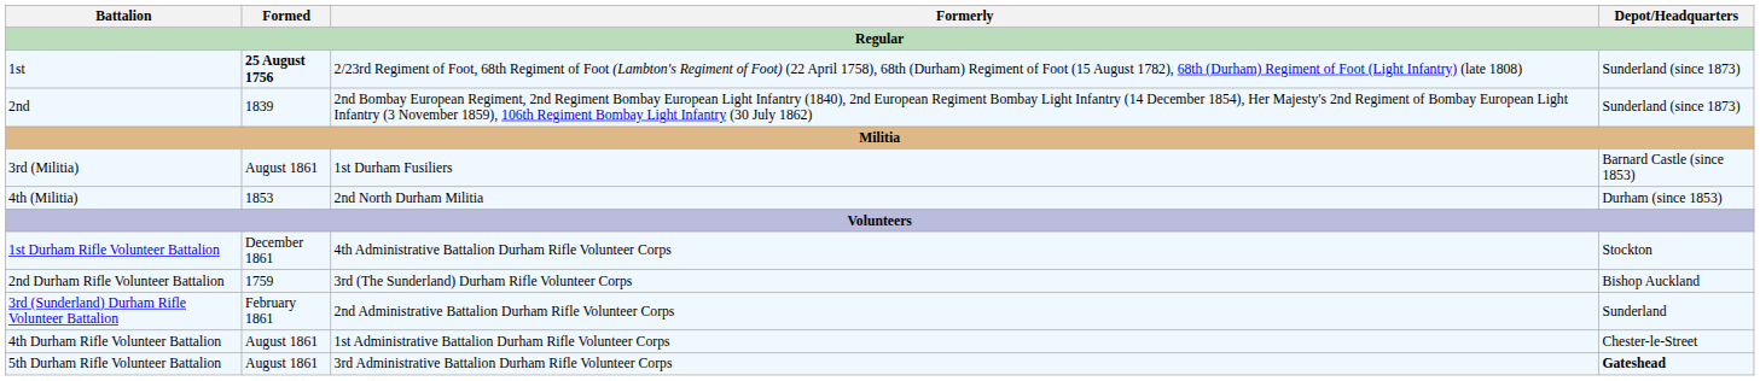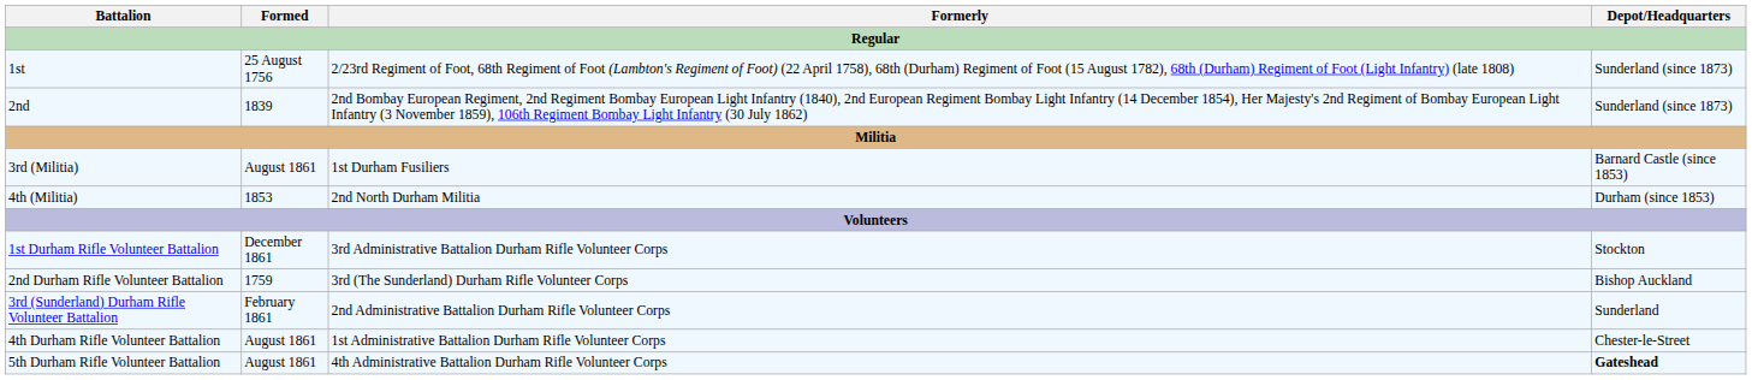 <table class="wikitable" style="width:100%;">
 <tr>
 <th>Battalion</th>
 <th>Formed</th>
 <th>Formerly</th>
 <th>Depot/Headquarters</th>
 </tr>
 <tr>
 <th colspan="5" style="background:#bdb;">Regular</th>
 </tr>
 <tr style="background:#f0f8ff;">
 <td>1st</td>
-<td><strong>25 August 1756</strong></td>
+<td>25 August 1756</td>
 <td>2/23rd Regiment of Foot, 68th Regiment of Foot <em>(Lambton's Regiment of Foot)</em> (22 April 1758), 68th (Durham) Regiment of Foot (15 August 1782), <a href='#'>68th (Durham) Regiment of Foot (Light Infantry)</a> (late 1808)</td>
 <td>Sunderland (since 1873)</td>
 </tr>
 <tr style="background:#f0f8ff;">
 <td>2nd</td>
 <td>1839</td>
 <td>2nd Bombay European Regiment, 2nd Regiment Bombay European Light Infantry (1840), 2nd European Regiment Bombay Light Infantry (14 December 1854), Her Majesty's 2nd Regiment of Bombay European Light Infantry (3 November 1859), <a href='#'>106th Regiment Bombay Light Infantry</a> (30 July 1862)</td>
 <td>Sunderland (since 1873)</td>
 </tr>
 <tr>
 <th colspan="5" style="background:#deb887;">Militia</th>
 </tr>
 <tr style="background:#f0f8ff;">
 <td>3rd (Militia)</td>
 <td>August 1861</td>
 <td>1st Durham Fusiliers</td>
 <td>Barnard Castle (since 1853)</td>
 </tr>
 <tr style="background:#f0f8ff;">
 <td>4th (Militia)</td>
 <td>1853</td>
 <td>2nd North Durham Militia</td>
 <td>Durham (since 1853)</td>
 </tr>
 <tr style="background:#f0f8ff;">
 <th colspan="5" style="background:#bbd;">Volunteers</th>
 </tr>
 <tr style="background:#f0f8ff;">
 <td><a href='#'>1st Durham Rifle Volunteer Battalion</a></td>
 <td>December 1861</td>
-<td>4th Administrative Battalion Durham Rifle Volunteer Corps</td>
+<td>3rd Administrative Battalion Durham Rifle Volunteer Corps</td>
 <td>Stockton</td>
 </tr>
 <tr style="background:#f0f8ff;">
 <td>2nd Durham Rifle Volunteer Battalion</td>
 <td>1759</td>
 <td>3rd (The Sunderland) Durham Rifle Volunteer Corps</td>
 <td>Bishop Auckland</td>
 </tr>
 <tr style="background:#f0f8ff;">
 <td><a href='#'>3rd (Sunderland) Durham Rifle Volunteer Battalion</a></td>
 <td>February 1861</td>
 <td>2nd Administrative Battalion Durham Rifle Volunteer Corps</td>
 <td>Sunderland</td>
 </tr>
 <tr style="background:#f0f8ff;">
 <td>4th Durham Rifle Volunteer Battalion</td>
 <td>August 1861</td>
 <td>1st Administrative Battalion Durham Rifle Volunteer Corps</td>
 <td>Chester-le-Street</td>
 </tr>
 <tr style="background:#f0f8ff;">
 <td>5th Durham Rifle Volunteer Battalion</td>
 <td>August 1861</td>
-<td>3rd Administrative Battalion Durham Rifle Volunteer Corps</td>
+<td>4th Administrative Battalion Durham Rifle Volunteer Corps</td>
 <td><strong>Gateshead</strong></td>
 </tr>
 </table>
